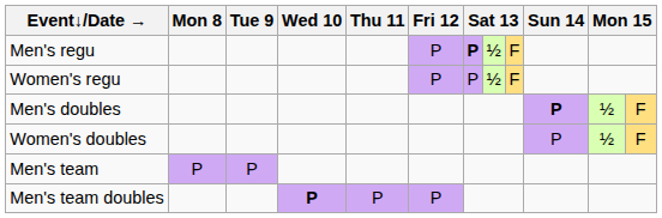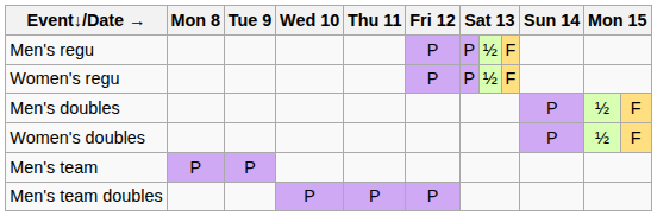 <table class="wikitable" style="margin:0.5em auto; font-size:90%; line-height:1.25em; text-align:center;">
 <tr>
 <th>Event↓/Date →</th>
 <th>Mon 8</th>
 <th>Tue 9</th>
 <th>Wed 10</th>
 <th>Thu 11</th>
 <th>Fri 12</th>
 <th colspan="3">Sat 13</th>
 <th>Sun 14</th>
 <th colspan="2">Mon 15</th>
 </tr>
 <tr>
 <td style="text-align:left;">Men's regu</td>
 <td></td>
 <td></td>
 <td></td>
 <td></td>
 <td style="background-color:#D0A9F5;">P</td>
-<td style="background-color:#D0A9F5;"><strong>P</strong></td>
+<td style="background-color:#D0A9F5;">P</td>
 <td style="background-color:#D9FFB2;">½</td>
 <td style="background-color:#FFDF80;">F</td>
 <td></td>
 <td colspan="2"></td>
 </tr>
 <tr>
 <td style="text-align:left;">Women's regu</td>
 <td></td>
 <td></td>
 <td></td>
 <td></td>
 <td style="background-color:#D0A9F5;">P</td>
 <td style="background-color:#D0A9F5;">P</td>
 <td style="background-color:#D9FFB2;">½</td>
 <td style="background-color:#FFDF80;">F</td>
 <td></td>
 <td colspan="2"></td>
 </tr>
 <tr>
 <td style="text-align:left;">Men's doubles</td>
 <td></td>
 <td></td>
 <td></td>
 <td></td>
 <td></td>
 <td colspan="3"></td>
-<td style="background-color:#D0A9F5;"><strong>P</strong></td>
+<td style="background-color:#D0A9F5;">P</td>
 <td style="background-color:#D9FFB2;">½</td>
 <td style="background-color:#FFDF80;">F</td>
 </tr>
 <tr>
 <td style="text-align:left;">Women's doubles</td>
 <td></td>
 <td></td>
 <td></td>
 <td></td>
 <td></td>
 <td colspan="3"></td>
 <td style="background-color:#D0A9F5;">P</td>
 <td style="background-color:#D9FFB2;">½</td>
 <td style="background-color:#FFDF80;">F</td>
 </tr>
 <tr>
 <td style="text-align:left;">Men's team</td>
 <td style="background-color:#D0A9F5;">P</td>
 <td style="background-color:#D0A9F5;">P</td>
 <td></td>
 <td></td>
 <td></td>
 <td colspan="3"></td>
 <td></td>
 <td colspan="2"></td>
 </tr>
 <tr>
 <td style="text-align:left;">Men's team doubles</td>
 <td></td>
 <td></td>
-<td style="background-color:#D0A9F5;"><strong>P</strong></td>
+<td style="background-color:#D0A9F5;">P</td>
 <td style="background-color:#D0A9F5;">P</td>
 <td style="background-color:#D0A9F5;">P</td>
 <td colspan="3"></td>
 <td></td>
 <td colspan="2"></td>
 </tr>
 </table>
